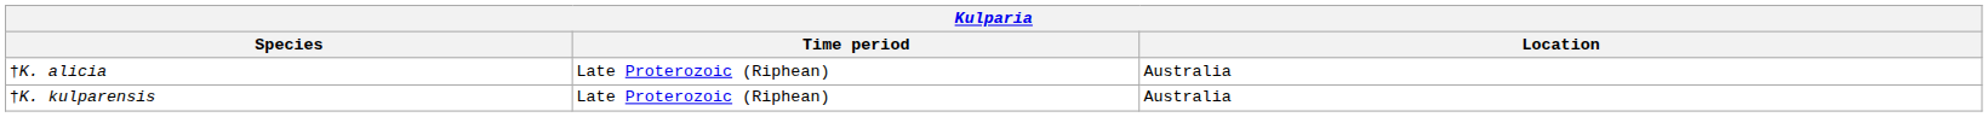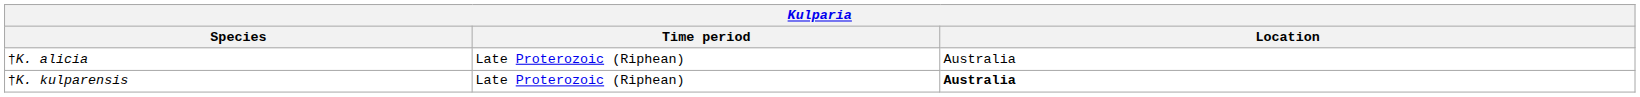 <table class="wikitable sortable" style="background:white; width:100%;">
 <tr>
 <th colspan="5" align="center"><em><a href='#'>Kulparia</a></em> </th>
 </tr>
 <tr>
 <th style=width:200px>Species</th>
 <th style=width:200px>Time period</th>
 <th style=width:300px>Location</th>
 </tr>
 <tr>
 <td>†<em>K. alicia</em></td>
 <td>Late <a href='#'>Proterozoic</a> (Riphean)</td>
 <td>Australia</td>
 </tr>
 <tr>
 <td>†<em>K. kulparensis</em></td>
 <td>Late <a href='#'>Proterozoic</a> (Riphean)</td>
-<td>Australia</td>
+<td><strong>Australia</strong></td>
 </tr>
 </table>
